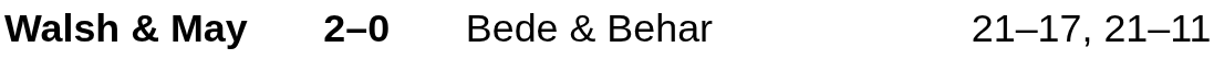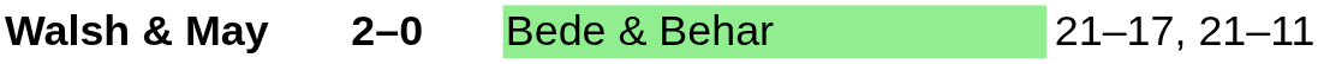 <table>
 <tr>
 <th width=200></th>
 <th width=80></th>
 <th width=200></th>
 <th width=220></th>
 </tr>
 <tr>
 <td align=right> <strong>Walsh & May</strong></td>
 <td align=center><strong>2–0</strong></td>
-<td align=left>Bede & Behar </td>
+<td align=left style="background: lightgreen;">Bede & Behar </td>
 <td>21–17, 21–11</td>
 </tr>
 </table>
